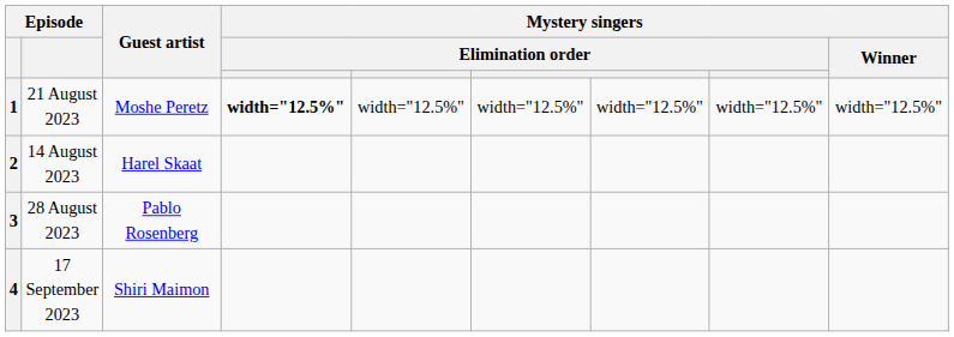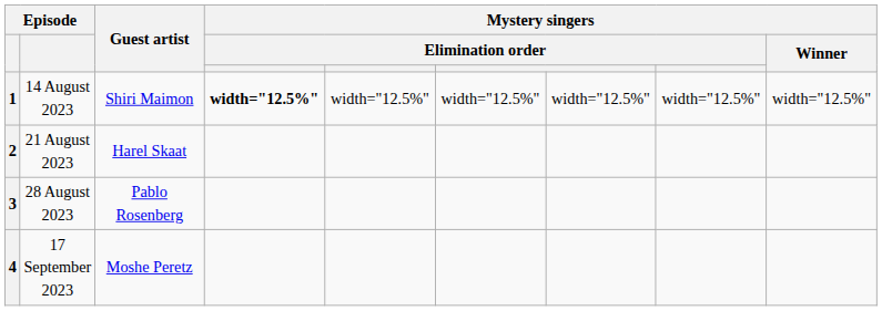 <table class="wikitable plainrowheaders mw-collapsible" style="text-align:center; line-height:23px; width:100%;">
 <tr>
 <th colspan="2" width="1%">Episode</th>
 <th rowspan="3" width="12.5%">Guest artist</th>
 <th colspan="6">Mystery singers<br></th>
 </tr>
 <tr>
 <th rowspan="2"></th>
 <th rowspan="2"></th>
 <th colspan="5">Elimination order</th>
 <th rowspan="2">Winner</th>
 </tr>
 <tr>
 <th></th>
 <th></th>
 <th colspan="2"></th>
 <th></th>
 </tr>
 <tr>
 <th>1</th>
-<td>21 August 2023</td>
-<td><a href='#'>Moshe Peretz</a><br></td>
+<td>14 August 2023</td>
+<td><a href='#'>Shiri Maimon</a><br></td>
 <td><strong>width="12.5%" </strong></td>
 <td>width="12.5%" </td>
 <td>width="12.5%" </td>
 <td>width="12.5%" </td>
 <td>width="12.5%" </td>
 <td>width="12.5%" </td>
 </tr>
 <tr>
 <th>2</th>
-<td>14 August 2023</td>
+<td>21 August 2023</td>
 <td><a href='#'>Harel Skaat</a><br></td>
 <td></td>
 <td></td>
 <td></td>
 <td></td>
 <td></td>
 <td></td>
 </tr>
 <tr>
 <th>3</th>
 <td>28 August 2023</td>
 <td><a href='#'>Pablo Rosenberg</a></td>
 <td></td>
 <td></td>
 <td></td>
 <td></td>
 <td></td>
 <td></td>
 </tr>
 <tr>
 <th>4</th>
 <td>17 September 2023</td>
-<td><a href='#'>Shiri Maimon</a><br></td>
+<td><a href='#'>Moshe Peretz</a><br></td>
 <td></td>
 <td></td>
 <td></td>
 <td></td>
 <td></td>
 <td></td>
 </tr>
 </table>
